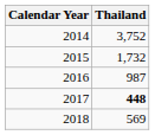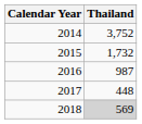 <table class=wikitable style="text-align: right;">
 <tr>
 <th>Calendar Year</th>
 <th>Thailand</th>
 </tr>
 <tr>
 <td>2014</td>
 <td>3,752</td>
 </tr>
 <tr>
 <td>2015</td>
 <td>1,732</td>
 </tr>
 <tr>
 <td>2016</td>
 <td>987</td>
 </tr>
 <tr>
 <td>2017</td>
-<td><strong>448</strong></td>
+<td>448</td>
 </tr>
 <tr>
 <td>2018</td>
-<td>569</td>
+<td style="background: lightgrey;">569</td>
 </tr>
 </table>
